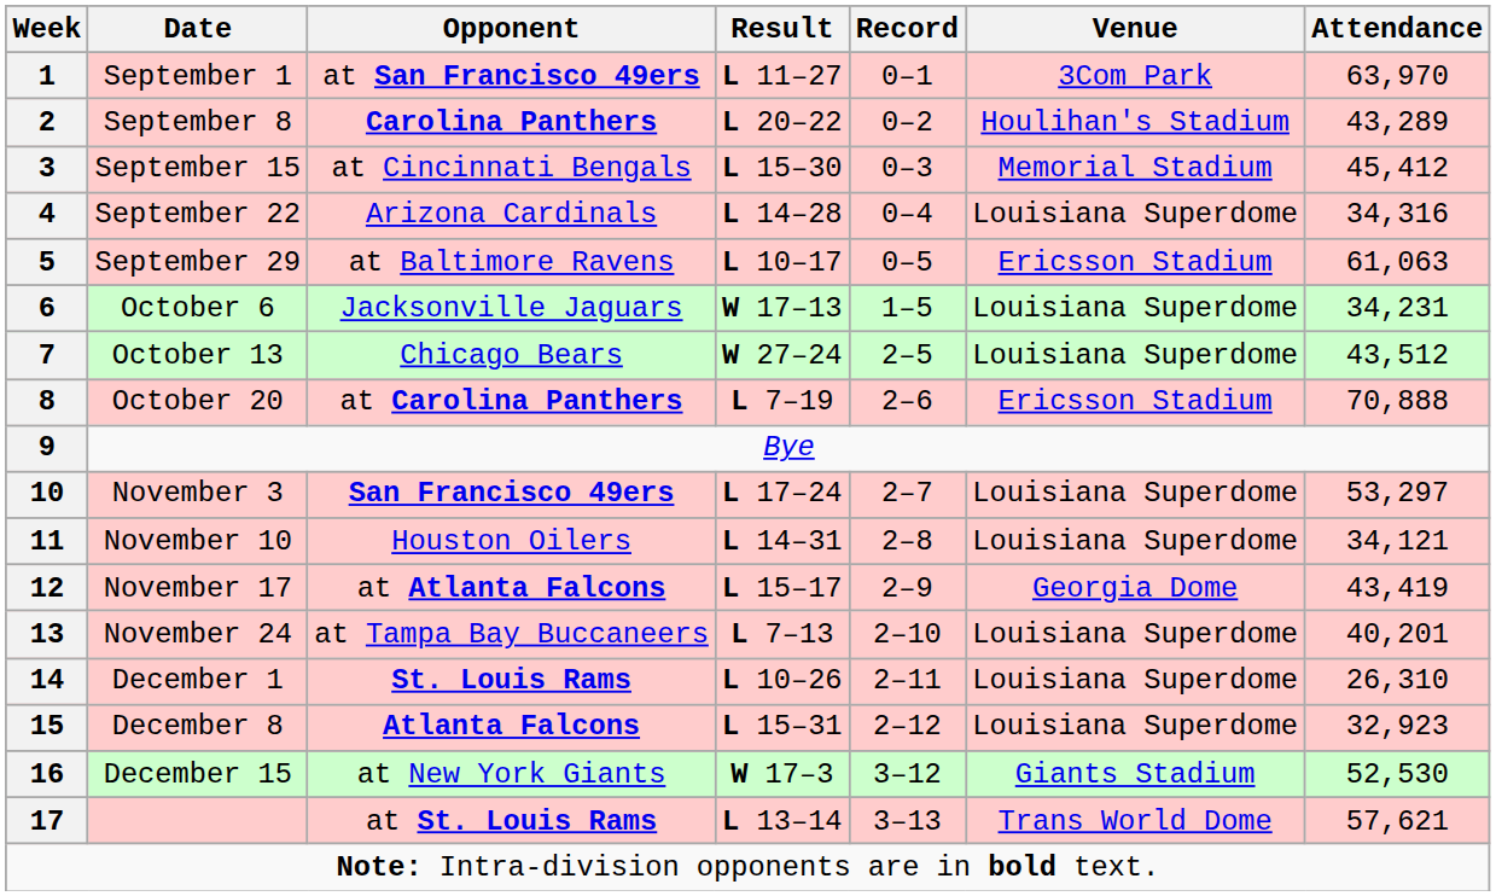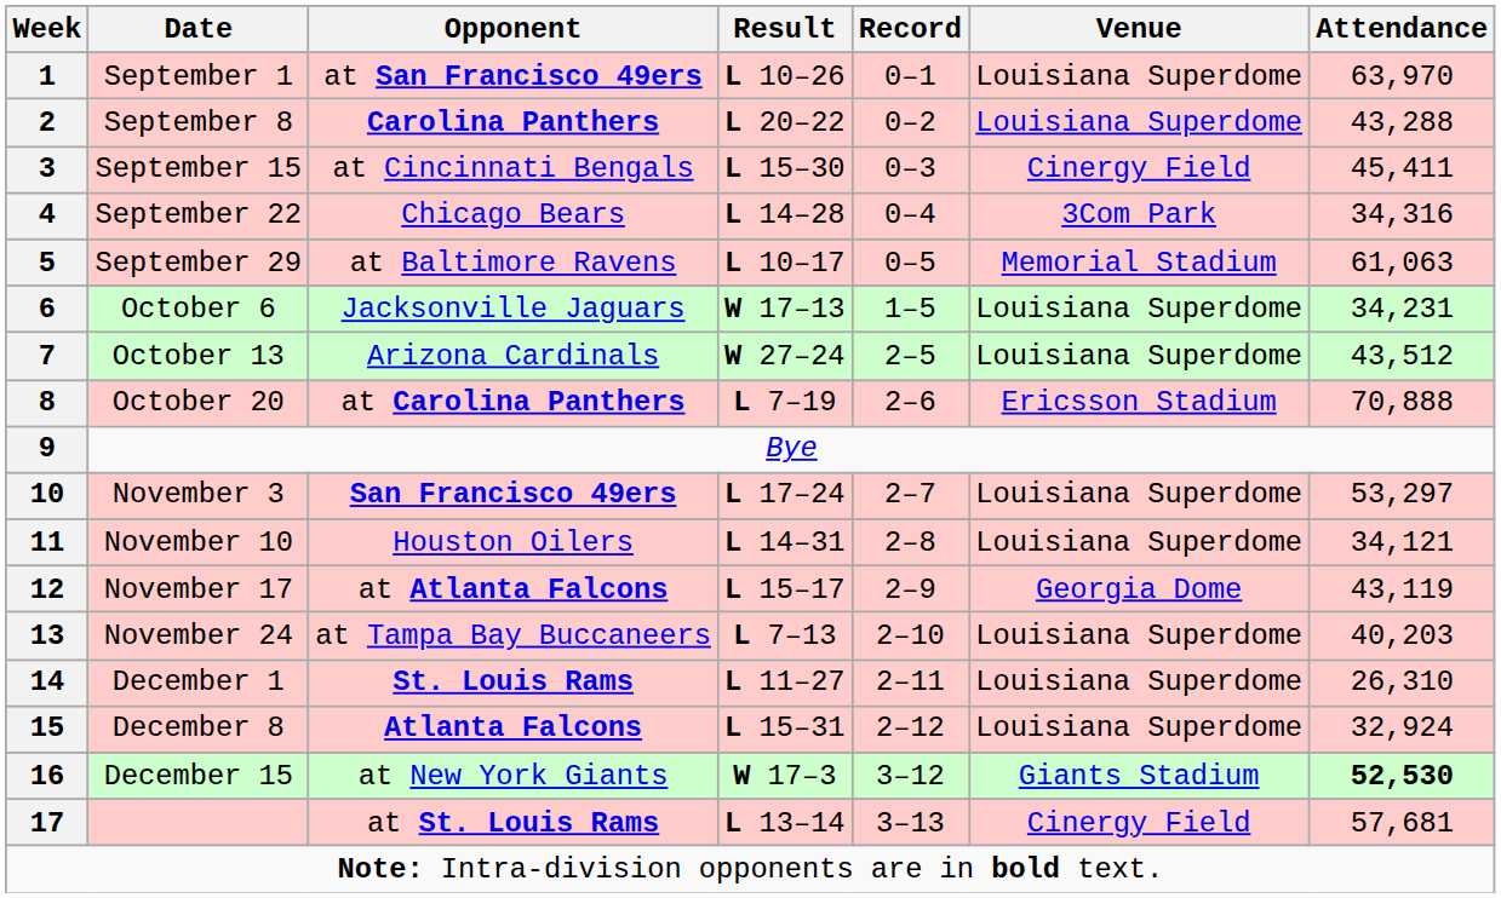 <table class="wikitable"  style="text-align: center;">
 <tr>
 <th>Week</th>
 <th>Date</th>
 <th>Opponent</th>
 <th>Result</th>
 <th>Record</th>
 <th>Venue</th>
 <th>Attendance</th>
 </tr>
 <tr style="background:#fcc">
 <th>1</th>
 <td>September 1</td>
 <td>at <strong><a href='#'>San Francisco 49ers</a></strong></td>
-<td><strong>L</strong> 11–27</td>
+<td><strong>L</strong> 10–26</td>
 <td>0–1</td>
-<td><a href='#'>3Com Park</a></td>
+<td>Louisiana Superdome</td>
 <td>63,970</td>
 </tr>
 <tr style="background:#fcc">
 <th>2</th>
 <td>September 8</td>
 <td><strong><a href='#'>Carolina Panthers</a></strong></td>
 <td><strong>L</strong> 20–22</td>
 <td>0–2</td>
-<td><a href='#'>Houlihan's Stadium</a></td>
-<td>43,289</td>
+<td><a href='#'>Louisiana Superdome</a></td>
+<td>43,288</td>
 </tr>
 <tr style="background:#fcc">
 <th>3</th>
 <td>September 15</td>
 <td>at <a href='#'>Cincinnati Bengals</a></td>
 <td><strong>L</strong> 15–30</td>
 <td>0–3</td>
-<td><a href='#'>Memorial Stadium</a></td>
-<td>45,412</td>
+<td><a href='#'>Cinergy Field</a></td>
+<td>45,411</td>
 </tr>
 <tr style="background:#fcc">
 <th>4</th>
 <td>September 22</td>
-<td><a href='#'>Arizona Cardinals</a></td>
+<td><a href='#'>Chicago Bears</a></td>
 <td><strong>L</strong> 14–28</td>
 <td>0–4</td>
-<td>Louisiana Superdome</td>
+<td><a href='#'>3Com Park</a></td>
 <td>34,316</td>
 </tr>
 <tr style="background:#fcc">
 <th>5</th>
 <td>September 29</td>
 <td>at <a href='#'>Baltimore Ravens</a></td>
 <td><strong>L</strong> 10–17</td>
 <td>0–5</td>
-<td><a href='#'>Ericsson Stadium</a></td>
+<td><a href='#'>Memorial Stadium</a></td>
 <td>61,063</td>
 </tr>
 <tr style="background:#cfc">
 <th>6</th>
 <td>October 6</td>
 <td><a href='#'>Jacksonville Jaguars</a></td>
 <td><strong>W</strong> 17–13</td>
 <td>1–5</td>
 <td>Louisiana Superdome</td>
 <td>34,231</td>
 </tr>
 <tr style="background:#cfc">
 <th>7</th>
 <td>October 13</td>
-<td><a href='#'>Chicago Bears</a></td>
+<td><a href='#'>Arizona Cardinals</a></td>
 <td><strong>W</strong> 27–24</td>
 <td>2–5</td>
 <td>Louisiana Superdome</td>
 <td>43,512</td>
 </tr>
 <tr style="background:#fcc">
 <th>8</th>
 <td>October 20</td>
 <td>at <strong><a href='#'>Carolina Panthers</a></strong></td>
 <td><strong>L</strong> 7–19</td>
 <td>2–6</td>
 <td><a href='#'>Ericsson Stadium</a></td>
 <td>70,888</td>
 </tr>
 <tr>
 <th>9</th>
 <td colspan="7"><em><a href='#'>Bye</a></em></td>
 </tr>
 <tr style="background:#fcc">
 <th>10</th>
 <td>November 3</td>
 <td><strong><a href='#'>San Francisco 49ers</a></strong></td>
 <td><strong>L</strong> 17–24</td>
 <td>2–7</td>
 <td>Louisiana Superdome</td>
 <td>53,297</td>
 </tr>
 <tr style="background:#fcc">
 <th>11</th>
 <td>November 10</td>
 <td><a href='#'>Houston Oilers</a></td>
 <td><strong>L</strong> 14–31</td>
 <td>2–8</td>
 <td>Louisiana Superdome</td>
 <td>34,121</td>
 </tr>
 <tr style="background:#fcc">
 <th>12</th>
 <td>November 17</td>
 <td>at <strong><a href='#'>Atlanta Falcons</a></strong></td>
 <td><strong>L</strong> 15–17</td>
 <td>2–9</td>
 <td><a href='#'>Georgia Dome</a></td>
-<td>43,419</td>
+<td>43,119</td>
 </tr>
 <tr style="background:#fcc">
 <th>13</th>
 <td>November 24</td>
 <td>at <a href='#'>Tampa Bay Buccaneers</a></td>
 <td><strong>L</strong> 7–13</td>
 <td>2–10</td>
 <td>Louisiana Superdome</td>
-<td>40,201</td>
+<td>40,203</td>
 </tr>
 <tr style="background:#fcc">
 <th>14</th>
 <td>December 1</td>
 <td><strong><a href='#'>St. Louis Rams</a></strong></td>
-<td><strong>L</strong> 10–26</td>
+<td><strong>L</strong> 11–27</td>
 <td>2–11</td>
 <td>Louisiana Superdome</td>
 <td>26,310</td>
 </tr>
 <tr style="background:#fcc">
 <th>15</th>
 <td>December 8</td>
 <td><strong><a href='#'>Atlanta Falcons</a></strong></td>
 <td><strong>L</strong> 15–31</td>
 <td>2–12</td>
 <td>Louisiana Superdome</td>
-<td>32,923</td>
+<td>32,924</td>
 </tr>
 <tr style="background:#cfc">
 <th>16</th>
 <td>December 15</td>
 <td>at <a href='#'>New York Giants</a></td>
 <td><strong>W</strong> 17–3</td>
 <td>3–12</td>
 <td><a href='#'>Giants Stadium</a></td>
-<td>52,530</td>
+<td><strong>52,530</strong></td>
 </tr>
 <tr style="background:#fcc">
 <th>17</th>
 <td></td>
 <td>at <strong><a href='#'>St. Louis Rams</a></strong></td>
 <td><strong>L</strong> 13–14</td>
 <td>3–13</td>
-<td><a href='#'>Trans World Dome</a></td>
-<td>57,621</td>
+<td><a href='#'>Cinergy Field</a></td>
+<td>57,681</td>
 </tr>
 <tr>
 <td colspan="7"><strong>Note:</strong> Intra-division opponents are in <strong>bold</strong> text.</td>
 </tr>
 </table>
